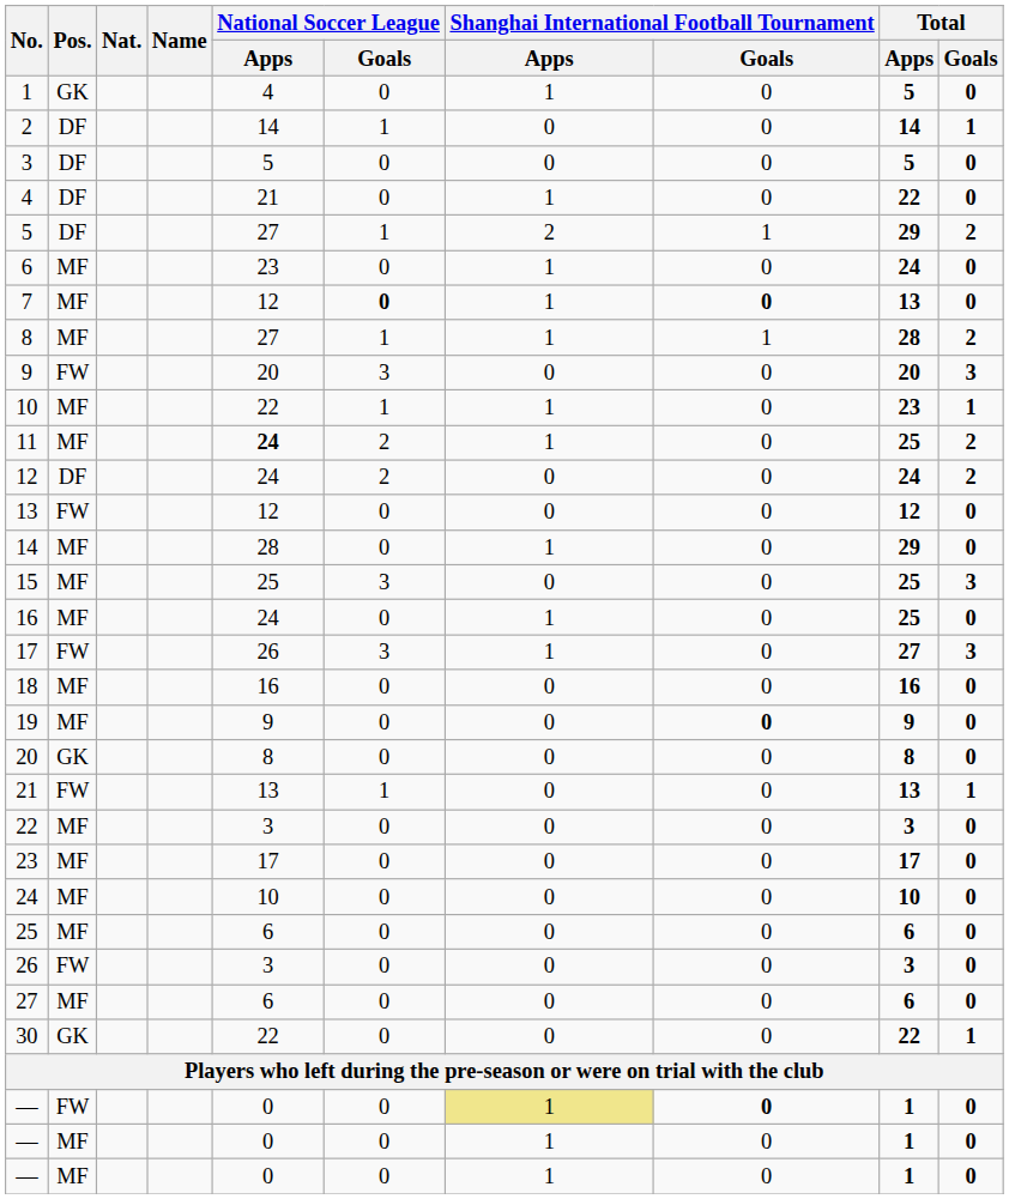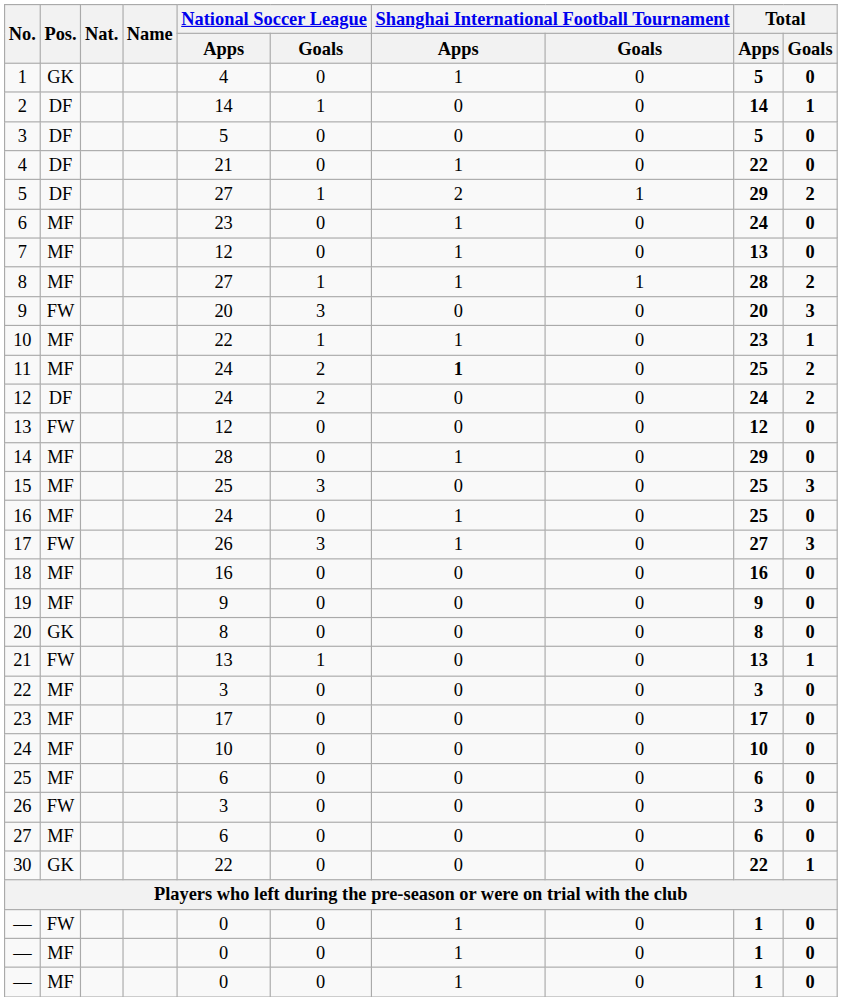 <table class="wikitable sortable" style="text-align:center">
 <tr>
 <th rowspan="2">No.</th>
 <th rowspan="2">Pos.</th>
 <th rowspan="2">Nat.</th>
 <th rowspan="2">Name</th>
 <th colspan="2"><a href='#'>National Soccer League</a></th>
 <th colspan="2"><a href='#'>Shanghai International Football Tournament</a></th>
 <th colspan="2">Total</th>
 </tr>
 <tr>
 <th>Apps</th>
 <th>Goals</th>
 <th>Apps</th>
 <th>Goals</th>
 <th>Apps</th>
 <th>Goals</th>
 </tr>
 <tr>
 <td>1</td>
 <td>GK</td>
 <td></td>
 <td align=left></td>
 <td>4</td>
 <td>0</td>
 <td>1</td>
 <td>0</td>
 <td><strong>5</strong></td>
 <td><strong>0</strong></td>
 </tr>
 <tr>
 <td>2</td>
 <td>DF</td>
 <td></td>
 <td align=left></td>
 <td>14</td>
 <td>1</td>
 <td>0</td>
 <td>0</td>
 <td><strong>14</strong></td>
 <td><strong>1</strong></td>
 </tr>
 <tr>
 <td>3</td>
 <td>DF</td>
 <td></td>
 <td align=left></td>
 <td>5</td>
 <td>0</td>
 <td>0</td>
 <td>0</td>
 <td><strong>5</strong></td>
 <td><strong>0</strong></td>
 </tr>
 <tr>
 <td>4</td>
 <td>DF</td>
 <td></td>
 <td align=left></td>
 <td>21</td>
 <td>0</td>
 <td>1</td>
 <td>0</td>
 <td><strong>22</strong></td>
 <td><strong>0</strong></td>
 </tr>
 <tr>
 <td>5</td>
 <td>DF</td>
 <td></td>
 <td align=left></td>
 <td>27</td>
 <td>1</td>
 <td>2</td>
 <td>1</td>
 <td><strong>29</strong></td>
 <td><strong>2</strong></td>
 </tr>
 <tr>
 <td>6</td>
 <td>MF</td>
 <td></td>
 <td align=left></td>
 <td>23</td>
 <td>0</td>
 <td>1</td>
 <td>0</td>
 <td><strong>24</strong></td>
 <td><strong>0</strong></td>
 </tr>
 <tr>
 <td>7</td>
 <td>MF</td>
 <td></td>
 <td align=left></td>
 <td>12</td>
-<td><strong>0</strong></td>
+<td>0</td>
 <td>1</td>
-<td><strong>0</strong></td>
+<td>0</td>
 <td><strong>13</strong></td>
 <td><strong>0</strong></td>
 </tr>
 <tr>
 <td>8</td>
 <td>MF</td>
 <td></td>
 <td align=left></td>
 <td>27</td>
 <td>1</td>
 <td>1</td>
 <td>1</td>
 <td><strong>28</strong></td>
 <td><strong>2</strong></td>
 </tr>
 <tr>
 <td>9</td>
 <td>FW</td>
 <td></td>
 <td align=left></td>
 <td>20</td>
 <td>3</td>
 <td>0</td>
 <td>0</td>
 <td><strong>20</strong></td>
 <td><strong>3</strong></td>
 </tr>
 <tr>
 <td>10</td>
 <td>MF</td>
 <td></td>
 <td align=left></td>
 <td>22</td>
 <td>1</td>
 <td>1</td>
 <td>0</td>
 <td><strong>23</strong></td>
 <td><strong>1</strong></td>
 </tr>
 <tr>
 <td>11</td>
 <td>MF</td>
 <td></td>
 <td align=left></td>
-<td><strong>24</strong></td>
+<td>24</td>
 <td>2</td>
-<td>1</td>
+<td><strong>1</strong></td>
 <td>0</td>
 <td><strong>25</strong></td>
 <td><strong>2</strong></td>
 </tr>
 <tr>
 <td>12</td>
 <td>DF</td>
 <td></td>
 <td align=left></td>
 <td>24</td>
 <td>2</td>
 <td>0</td>
 <td>0</td>
 <td><strong>24</strong></td>
 <td><strong>2</strong></td>
 </tr>
 <tr>
 <td>13</td>
 <td>FW</td>
 <td></td>
 <td align=left></td>
 <td>12</td>
 <td>0</td>
 <td>0</td>
 <td>0</td>
 <td><strong>12</strong></td>
 <td><strong>0</strong></td>
 </tr>
 <tr>
 <td>14</td>
 <td>MF</td>
 <td></td>
 <td align=left></td>
 <td>28</td>
 <td>0</td>
 <td>1</td>
 <td>0</td>
 <td><strong>29</strong></td>
 <td><strong>0</strong></td>
 </tr>
 <tr>
 <td>15</td>
 <td>MF</td>
 <td></td>
 <td align=left></td>
 <td>25</td>
 <td>3</td>
 <td>0</td>
 <td>0</td>
 <td><strong>25</strong></td>
 <td><strong>3</strong></td>
 </tr>
 <tr>
 <td>16</td>
 <td>MF</td>
 <td></td>
 <td align=left></td>
 <td>24</td>
 <td>0</td>
 <td>1</td>
 <td>0</td>
 <td><strong>25</strong></td>
 <td><strong>0</strong></td>
 </tr>
 <tr>
 <td>17</td>
 <td>FW</td>
 <td></td>
 <td align=left></td>
 <td>26</td>
 <td>3</td>
 <td>1</td>
 <td>0</td>
 <td><strong>27</strong></td>
 <td><strong>3</strong></td>
 </tr>
 <tr>
 <td>18</td>
 <td>MF</td>
 <td></td>
 <td align=left></td>
 <td>16</td>
 <td>0</td>
 <td>0</td>
 <td>0</td>
 <td><strong>16</strong></td>
 <td><strong>0</strong></td>
 </tr>
 <tr>
 <td>19</td>
 <td>MF</td>
 <td></td>
 <td align=left></td>
 <td>9</td>
 <td>0</td>
 <td>0</td>
-<td><strong>0</strong></td>
+<td>0</td>
 <td><strong>9</strong></td>
 <td><strong>0</strong></td>
 </tr>
 <tr>
 <td>20</td>
 <td>GK</td>
 <td></td>
 <td align=left></td>
 <td>8</td>
 <td>0</td>
 <td>0</td>
 <td>0</td>
 <td><strong>8</strong></td>
 <td><strong>0</strong></td>
 </tr>
 <tr>
 <td>21</td>
 <td>FW</td>
 <td></td>
 <td align=left></td>
 <td>13</td>
 <td>1</td>
 <td>0</td>
 <td>0</td>
 <td><strong>13</strong></td>
 <td><strong>1</strong></td>
 </tr>
 <tr>
 <td>22</td>
 <td>MF</td>
 <td></td>
 <td align=left></td>
 <td>3</td>
 <td>0</td>
 <td>0</td>
 <td>0</td>
 <td><strong>3</strong></td>
 <td><strong>0</strong></td>
 </tr>
 <tr>
 <td>23</td>
 <td>MF</td>
 <td></td>
 <td align=left></td>
 <td>17</td>
 <td>0</td>
 <td>0</td>
 <td>0</td>
 <td><strong>17</strong></td>
 <td><strong>0</strong></td>
 </tr>
 <tr>
 <td>24</td>
 <td>MF</td>
 <td></td>
 <td align=left></td>
 <td>10</td>
 <td>0</td>
 <td>0</td>
 <td>0</td>
 <td><strong>10</strong></td>
 <td><strong>0</strong></td>
 </tr>
 <tr>
 <td>25</td>
 <td>MF</td>
 <td></td>
 <td align=left></td>
 <td>6</td>
 <td>0</td>
 <td>0</td>
 <td>0</td>
 <td><strong>6</strong></td>
 <td><strong>0</strong></td>
 </tr>
 <tr>
 <td>26</td>
 <td>FW</td>
 <td></td>
 <td align=left></td>
 <td>3</td>
 <td>0</td>
 <td>0</td>
 <td>0</td>
 <td><strong>3</strong></td>
 <td><strong>0</strong></td>
 </tr>
 <tr>
 <td>27</td>
 <td>MF</td>
 <td></td>
 <td align=left></td>
 <td>6</td>
 <td>0</td>
 <td>0</td>
 <td>0</td>
 <td><strong>6</strong></td>
 <td><strong>0</strong></td>
 </tr>
 <tr>
 <td>30</td>
 <td>GK</td>
 <td></td>
 <td align=left></td>
 <td>22</td>
 <td>0</td>
 <td>0</td>
 <td>0</td>
 <td><strong>22</strong></td>
 <td><strong>1</strong></td>
 </tr>
 <tr>
 <th colspan="17">Players who left during the pre-season or were on trial with the club</th>
 </tr>
 <tr>
 <td>—</td>
 <td>FW</td>
 <td></td>
 <td align=left></td>
 <td>0</td>
 <td>0</td>
-<td style="background: khaki;">1</td>
-<td><strong>0</strong></td>
+<td>1</td>
+<td>0</td>
 <td><strong>1</strong></td>
 <td><strong>0</strong></td>
 </tr>
 <tr>
 <td>—</td>
 <td>MF</td>
 <td></td>
 <td align=left></td>
 <td>0</td>
 <td>0</td>
 <td>1</td>
 <td>0</td>
 <td><strong>1</strong></td>
 <td><strong>0</strong></td>
 </tr>
 <tr>
 <td>—</td>
 <td>MF</td>
 <td></td>
 <td align=left></td>
 <td>0</td>
 <td>0</td>
 <td>1</td>
 <td>0</td>
 <td><strong>1</strong></td>
 <td><strong>0</strong></td>
 </tr>
 </table>
